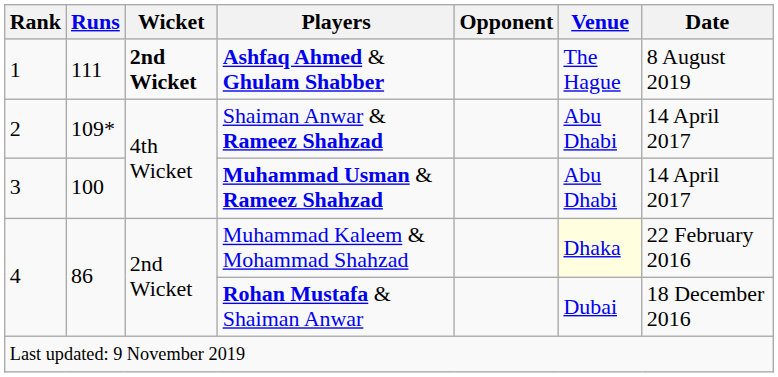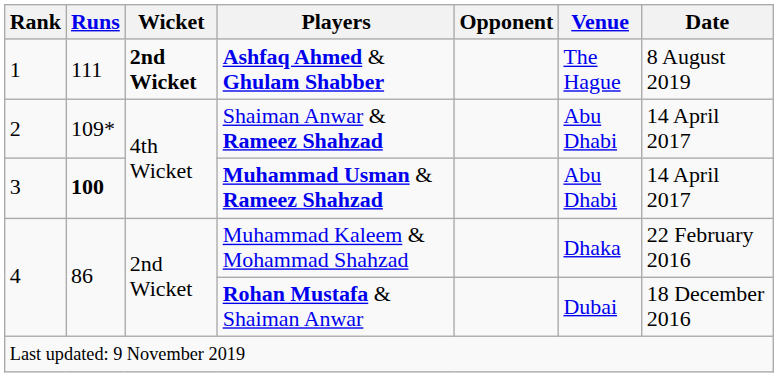 <table class="wikitable" style="width:90%;">
 <tr>
 <th>Rank</th>
 <th><a href='#'>Runs</a></th>
 <th>Wicket</th>
 <th>Players</th>
 <th>Opponent</th>
 <th><a href='#'>Venue</a></th>
 <th>Date</th>
 </tr>
 <tr>
 <td>1</td>
 <td>111</td>
 <td><strong>2nd Wicket</strong></td>
 <td><strong><a href='#'>Ashfaq Ahmed</a></strong> & <strong><a href='#'>Ghulam Shabber</a></strong></td>
 <td></td>
 <td><a href='#'>The Hague</a></td>
 <td>8 August 2019</td>
 </tr>
 <tr>
 <td>2</td>
 <td>109*</td>
 <td rowspan=2>4th Wicket</td>
 <td><a href='#'>Shaiman Anwar</a> & <strong><a href='#'>Rameez Shahzad</a></strong></td>
 <td></td>
 <td><a href='#'>Abu Dhabi</a></td>
 <td>14 April 2017</td>
 </tr>
 <tr>
 <td>3</td>
-<td>100</td>
+<td><strong>100</strong></td>
 <td><strong><a href='#'>Muhammad Usman</a></strong> & <strong><a href='#'>Rameez Shahzad</a></strong></td>
 <td></td>
 <td><a href='#'>Abu Dhabi</a></td>
 <td>14 April 2017</td>
 </tr>
 <tr>
 <td rowspan=2>4</td>
 <td rowspan=2>86</td>
 <td rowspan=2>2nd Wicket</td>
 <td><a href='#'>Muhammad Kaleem</a> & <a href='#'>Mohammad Shahzad</a></td>
 <td></td>
-<td style="background: lightyellow;"><a href='#'>Dhaka</a></td>
+<td><a href='#'>Dhaka</a></td>
 <td>22 February 2016</td>
 </tr>
 <tr>
 <td><strong><a href='#'>Rohan Mustafa</a></strong> & <a href='#'>Shaiman Anwar</a></td>
 <td></td>
 <td><a href='#'>Dubai</a></td>
 <td>18 December 2016</td>
 </tr>
 <tr>
 <td colspan=7><small>Last updated: 9 November 2019</small></td>
 </tr>
 </table>
